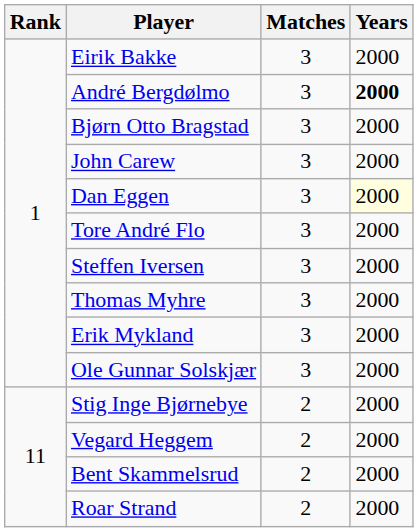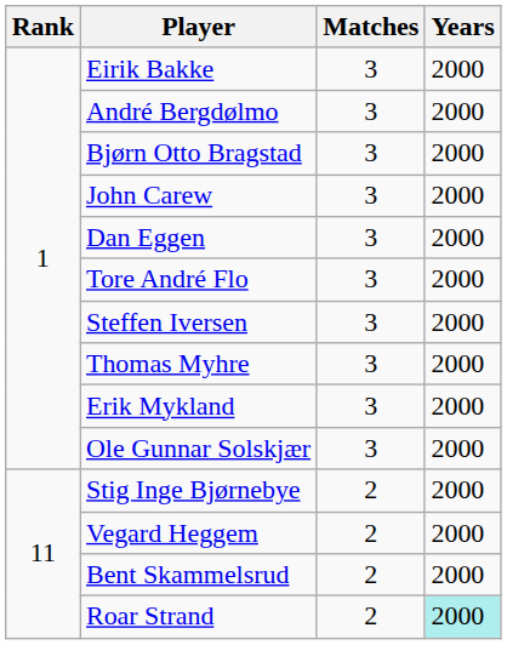 <table class="wikitable" style="text-align: left;">
 <tr>
 <th>Rank</th>
 <th>Player</th>
 <th>Matches</th>
 <th>Years</th>
 </tr>
 <tr>
 <td rowspan=10 align=center>1</td>
 <td><a href='#'>Eirik Bakke</a></td>
 <td align=center>3</td>
 <td>2000</td>
 </tr>
 <tr>
 <td><a href='#'>André Bergdølmo</a></td>
 <td align=center>3</td>
-<td><strong>2000</strong></td>
+<td>2000</td>
 </tr>
 <tr>
 <td><a href='#'>Bjørn Otto Bragstad</a></td>
 <td align=center>3</td>
 <td>2000</td>
 </tr>
 <tr>
 <td><a href='#'>John Carew</a></td>
 <td align=center>3</td>
 <td>2000</td>
 </tr>
 <tr>
 <td><a href='#'>Dan Eggen</a></td>
 <td align=center>3</td>
-<td style="background: lightyellow;">2000</td>
+<td>2000</td>
 </tr>
 <tr>
 <td><a href='#'>Tore André Flo</a></td>
 <td align=center>3</td>
 <td>2000</td>
 </tr>
 <tr>
 <td><a href='#'>Steffen Iversen</a></td>
 <td align=center>3</td>
 <td>2000</td>
 </tr>
 <tr>
 <td><a href='#'>Thomas Myhre</a></td>
 <td align=center>3</td>
 <td>2000</td>
 </tr>
 <tr>
 <td><a href='#'>Erik Mykland</a></td>
 <td align=center>3</td>
 <td>2000</td>
 </tr>
 <tr>
 <td><a href='#'>Ole Gunnar Solskjær</a></td>
 <td align=center>3</td>
 <td>2000</td>
 </tr>
 <tr>
 <td rowspan=4 align=center>11</td>
 <td><a href='#'>Stig Inge Bjørnebye</a></td>
 <td align=center>2</td>
 <td>2000</td>
 </tr>
 <tr>
 <td><a href='#'>Vegard Heggem</a></td>
 <td align=center>2</td>
 <td>2000</td>
 </tr>
 <tr>
 <td><a href='#'>Bent Skammelsrud</a></td>
 <td align=center>2</td>
 <td>2000</td>
 </tr>
 <tr>
 <td><a href='#'>Roar Strand</a></td>
 <td align=center>2</td>
-<td>2000</td>
+<td style="background: paleturquoise;">2000</td>
 </tr>
 </table>
